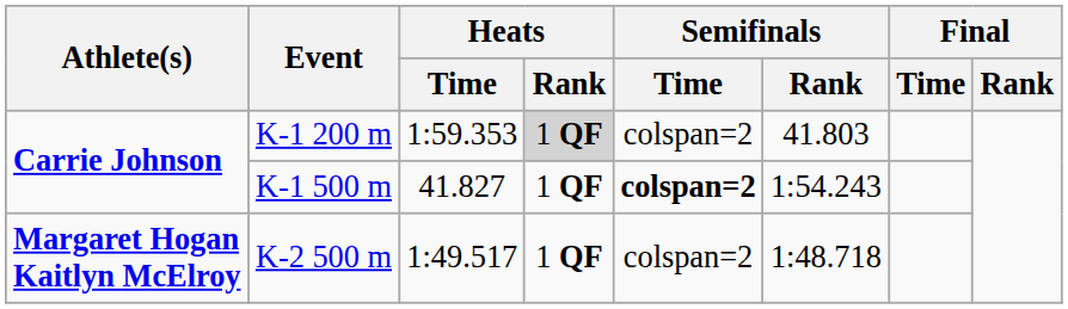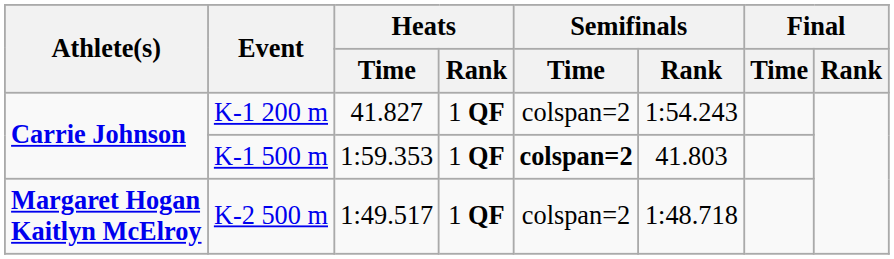 <table class="wikitable" style="font-size:90%">
 <tr>
 <th rowspan=2>Athlete(s)</th>
 <th rowspan=2>Event</th>
 <th colspan=2>Heats</th>
 <th colspan=2>Semifinals</th>
 <th colspan=2>Final</th>
 </tr>
 <tr>
 <th>Time</th>
 <th>Rank</th>
 <th>Time</th>
 <th>Rank</th>
 <th>Time</th>
 <th>Rank</th>
 </tr>
 <tr align=center>
 <td align=left rowspan=2><strong><a href='#'>Carrie Johnson</a></strong></td>
 <td align=left><a href='#'>K-1 200 m</a></td>
-<td>1:59.353</td>
-<td style="background: lightgrey;">1 <strong>QF</strong></td>
+<td>41.827</td>
+<td>1 <strong>QF</strong></td>
 <td>colspan=2 </td>
-<td>41.803</td>
+<td>1:54.243</td>
 <td></td>
 </tr>
 <tr align=center>
 <td align=left><a href='#'>K-1 500 m</a></td>
-<td>41.827</td>
+<td>1:59.353</td>
 <td>1 <strong>QF</strong></td>
 <td><strong>colspan=2 </strong></td>
-<td>1:54.243</td>
+<td>41.803</td>
 <td></td>
 </tr>
 <tr align=center>
 <td align=left><strong><a href='#'>Margaret Hogan</a><br><a href='#'>Kaitlyn McElroy</a></strong></td>
 <td align=left><a href='#'>K-2 500 m</a></td>
 <td>1:49.517</td>
 <td>1 <strong>QF</strong></td>
 <td>colspan=2 </td>
 <td>1:48.718</td>
 <td></td>
 </tr>
 </table>
